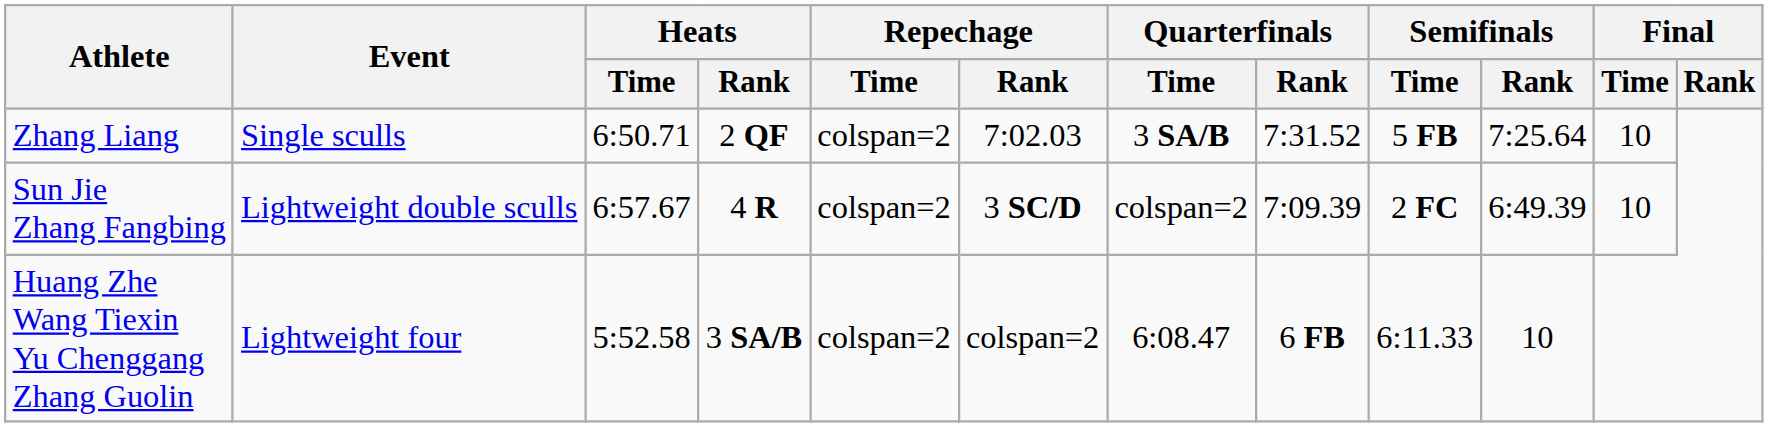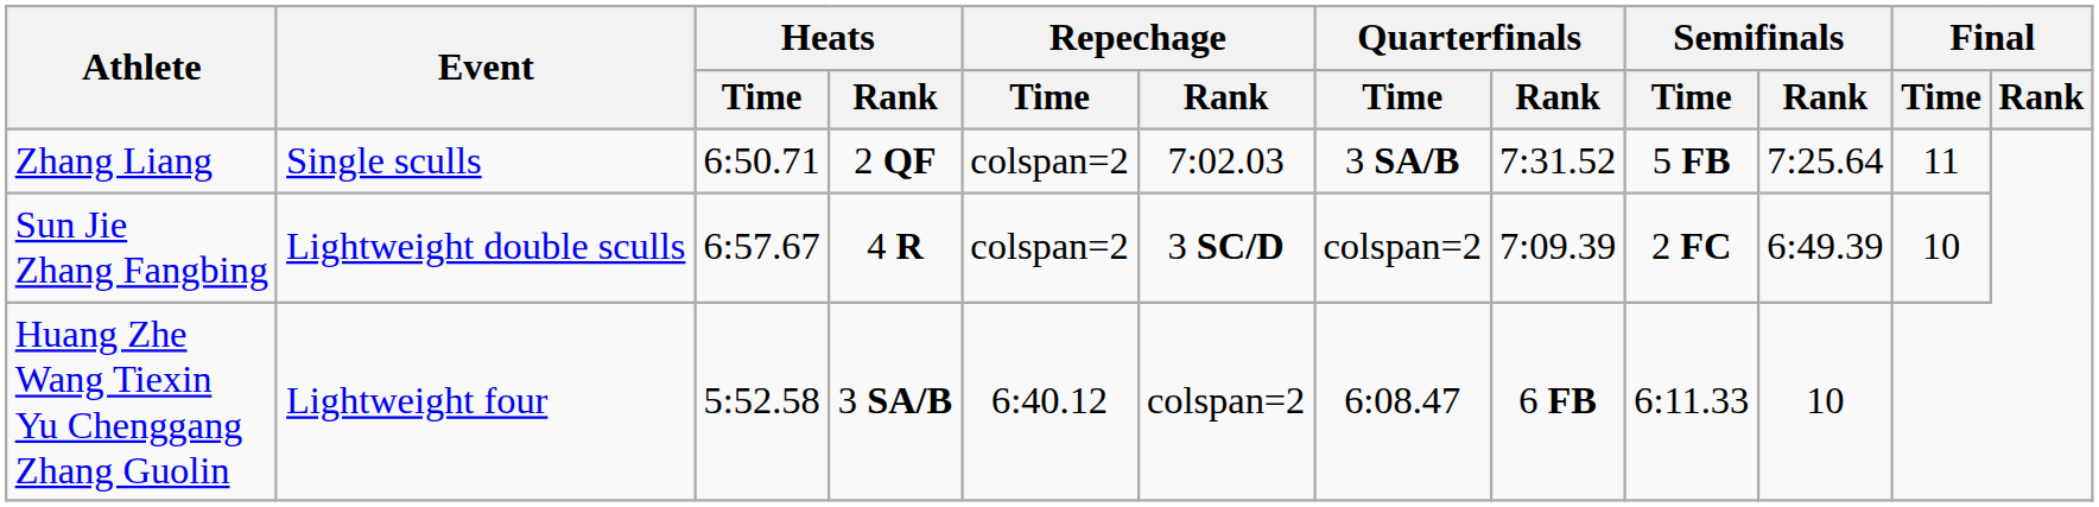 <table class="wikitable" style="font-size:90%">
 <tr>
 <th rowspan="2">Athlete</th>
 <th rowspan="2">Event</th>
 <th colspan="2">Heats</th>
 <th colspan="2">Repechage</th>
 <th colspan=2>Quarterfinals</th>
 <th colspan="2">Semifinals</th>
 <th colspan="2">Final</th>
 </tr>
 <tr style="font-size:95%">
 <th>Time</th>
 <th>Rank</th>
 <th>Time</th>
 <th>Rank</th>
 <th>Time</th>
 <th>Rank</th>
 <th>Time</th>
 <th>Rank</th>
 <th>Time</th>
 <th>Rank</th>
 </tr>
 <tr align=center>
 <td align=left><a href='#'>Zhang Liang</a></td>
 <td align=left><a href='#'>Single sculls</a></td>
 <td>6:50.71</td>
 <td>2 <strong>QF</strong></td>
 <td>colspan=2 </td>
 <td>7:02.03</td>
 <td>3 <strong>SA/B</strong></td>
 <td>7:31.52</td>
 <td>5 <strong>FB</strong></td>
 <td>7:25.64</td>
-<td>10</td>
+<td>11</td>
 </tr>
 <tr align=center>
 <td align=left><a href='#'>Sun Jie</a><br><a href='#'>Zhang Fangbing</a></td>
 <td align=left><a href='#'>Lightweight double sculls</a></td>
 <td>6:57.67</td>
 <td>4 <strong>R</strong></td>
 <td>colspan=2 </td>
 <td>3 <strong>SC/D</strong></td>
 <td>colspan=2 </td>
 <td>7:09.39</td>
 <td>2 <strong>FC</strong></td>
 <td>6:49.39</td>
 <td>10</td>
 </tr>
 <tr align=center>
 <td align=left><a href='#'>Huang Zhe</a><br><a href='#'>Wang Tiexin</a><br><a href='#'>Yu Chenggang</a><br><a href='#'>Zhang Guolin</a></td>
 <td align=left><a href='#'>Lightweight four</a></td>
 <td>5:52.58</td>
 <td>3 <strong>SA/B</strong></td>
-<td>colspan=2 </td>
+<td>6:40.12</td>
 <td>colspan=2 </td>
 <td>6:08.47</td>
 <td>6 <strong>FB</strong></td>
 <td>6:11.33</td>
 <td>10</td>
 </tr>
 </table>
